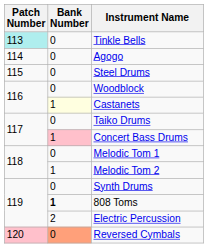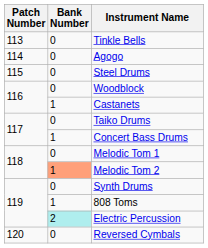 <table width="50%" class="wikitable">
 <tr>
 <th width="15%">Patch Number</th>
 <th width="15%">Bank Number</th>
 <th width="70%">Instrument Name</th>
 </tr>
 <tr>
-<td style="background: paleturquoise;">113</td>
+<td>113</td>
 <td>0</td>
 <td><a href='#'>Tinkle Bells</a></td>
 </tr>
 <tr>
 <td>114</td>
 <td>0</td>
 <td><a href='#'>Agogo</a></td>
 </tr>
 <tr>
 <td>115</td>
 <td>0</td>
 <td><a href='#'>Steel Drums</a></td>
 </tr>
 <tr>
 <td rowspan=2>116</td>
 <td>0</td>
 <td><a href='#'>Woodblock</a></td>
 </tr>
 <tr>
-<td style="background: lightyellow;">1</td>
+<td>1</td>
 <td><a href='#'>Castanets</a></td>
 </tr>
 <tr>
 <td rowspan=2>117</td>
 <td>0</td>
 <td><a href='#'>Taiko Drums</a></td>
 </tr>
 <tr>
-<td style="background: pink;">1</td>
+<td>1</td>
 <td><a href='#'>Concert Bass Drums</a></td>
 </tr>
 <tr>
 <td rowspan=2>118</td>
 <td>0</td>
 <td><a href='#'>Melodic Tom 1</a></td>
 </tr>
 <tr>
-<td>1</td>
+<td style="background: lightsalmon;">1</td>
 <td><a href='#'>Melodic Tom 2</a></td>
 </tr>
 <tr>
 <td rowspan=3>119</td>
 <td>0</td>
 <td><a href='#'>Synth Drums</a></td>
 </tr>
 <tr>
-<td><strong>1</strong></td>
+<td>1</td>
 <td>808 Toms</td>
 </tr>
 <tr>
-<td>2</td>
+<td style="background: paleturquoise;">2</td>
 <td><a href='#'>Electric Percussion</a></td>
 </tr>
 <tr>
-<td style="background: pink;">120</td>
-<td style="background: lightsalmon;">0</td>
+<td>120</td>
+<td>0</td>
 <td><a href='#'>Reversed Cymbals</a></td>
 </tr>
 </table>
